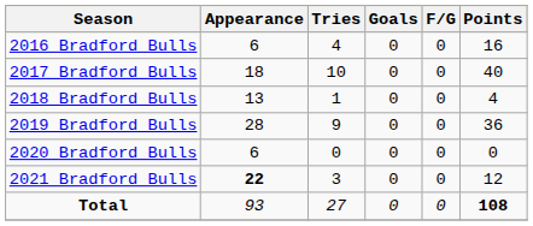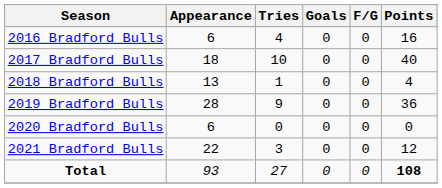 <table class="wikitable" style="text-align:center;">
 <tr bgcolor=#bdb76b>
 <th>Season</th>
 <th>Appearance</th>
 <th>Tries</th>
 <th>Goals</th>
 <th>F/G</th>
 <th>Points</th>
 </tr>
 <tr>
 <td><a href='#'>2016 Bradford Bulls</a></td>
 <td>6</td>
 <td>4</td>
 <td>0</td>
 <td>0</td>
 <td>16</td>
 </tr>
 <tr>
 <td><a href='#'>2017 Bradford Bulls</a></td>
 <td>18</td>
 <td>10</td>
 <td>0</td>
 <td>0</td>
 <td>40</td>
 </tr>
 <tr>
 <td><a href='#'>2018 Bradford Bulls</a></td>
 <td>13</td>
 <td>1</td>
 <td>0</td>
 <td>0</td>
 <td>4</td>
 </tr>
 <tr>
 <td><a href='#'>2019 Bradford Bulls</a></td>
 <td>28</td>
 <td>9</td>
 <td>0</td>
 <td>0</td>
 <td>36</td>
 </tr>
 <tr>
 <td><a href='#'>2020 Bradford Bulls</a></td>
 <td>6</td>
 <td>0</td>
 <td>0</td>
 <td>0</td>
 <td>0</td>
 </tr>
 <tr>
 <td><a href='#'>2021 Bradford Bulls</a></td>
-<td><strong>22</strong></td>
+<td>22</td>
 <td>3</td>
 <td>0</td>
 <td>0</td>
 <td>12</td>
 </tr>
 <tr>
 <td><strong>Total</strong></td>
 <td><em>93</em></td>
 <td><em>27</em></td>
 <td><em>0</em></td>
 <td><em>0</em></td>
 <td><strong>108</strong></td>
 </tr>
 <tr>
 </tr>
 </table>
